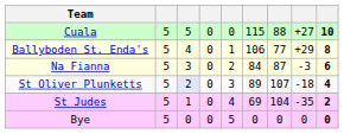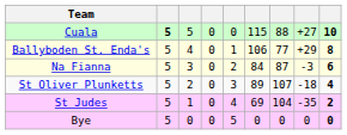 <table class="wikitable" style="text-align:center">
 <tr>
 <th style="width:175px;">Team</th>
 <th width="20"></th>
 <th width="20"></th>
 <th width="20"></th>
 <th width="20"></th>
 <th width="20"></th>
 <th width="20"></th>
 <th width="20"></th>
 <th width="20"></th>
 </tr>
 <tr style="background:#cfc;">
 <td><a href='#'>Cuala</a></td>
-<td>5</td>
+<td><strong>5</strong></td>
 <td>5</td>
 <td>0</td>
 <td>0</td>
 <td>115</td>
 <td>88</td>
 <td>+27</td>
 <td><strong>10</strong></td>
 </tr>
 <tr style="background:#ffffe0;">
 <td><a href='#'>Ballyboden St. Enda's</a></td>
 <td>5</td>
 <td>4</td>
 <td>0</td>
 <td>1</td>
 <td>106</td>
 <td>77</td>
 <td>+29</td>
 <td><strong>8</strong></td>
 </tr>
 <tr style="background:#ffffe0;">
 <td><a href='#'>Na Fianna</a></td>
 <td>5</td>
 <td>3</td>
 <td>0</td>
 <td>2</td>
 <td>84</td>
 <td>87</td>
 <td>-3</td>
 <td><strong>6</strong></td>
 </tr>
 <tr>
 <td><a href='#'>St Oliver Plunketts</a></td>
 <td>5</td>
-<td style="background: lavender;">2</td>
+<td>2</td>
 <td>0</td>
 <td>3</td>
 <td>89</td>
 <td>107</td>
 <td>-18</td>
 <td><strong>4</strong></td>
 </tr>
 <tr style="background:#fcf;">
 <td><a href='#'>St Judes</a></td>
 <td>5</td>
 <td>1</td>
 <td>0</td>
 <td>4</td>
 <td>69</td>
 <td>104</td>
 <td>-35</td>
 <td><strong>2</strong></td>
 </tr>
 <tr style="background:#fcf;">
 <td>Bye</td>
 <td>5</td>
 <td>0</td>
 <td>0</td>
 <td>5</td>
 <td>0</td>
 <td>0</td>
 <td>0</td>
 <td><strong>0</strong></td>
 </tr>
 </table>
